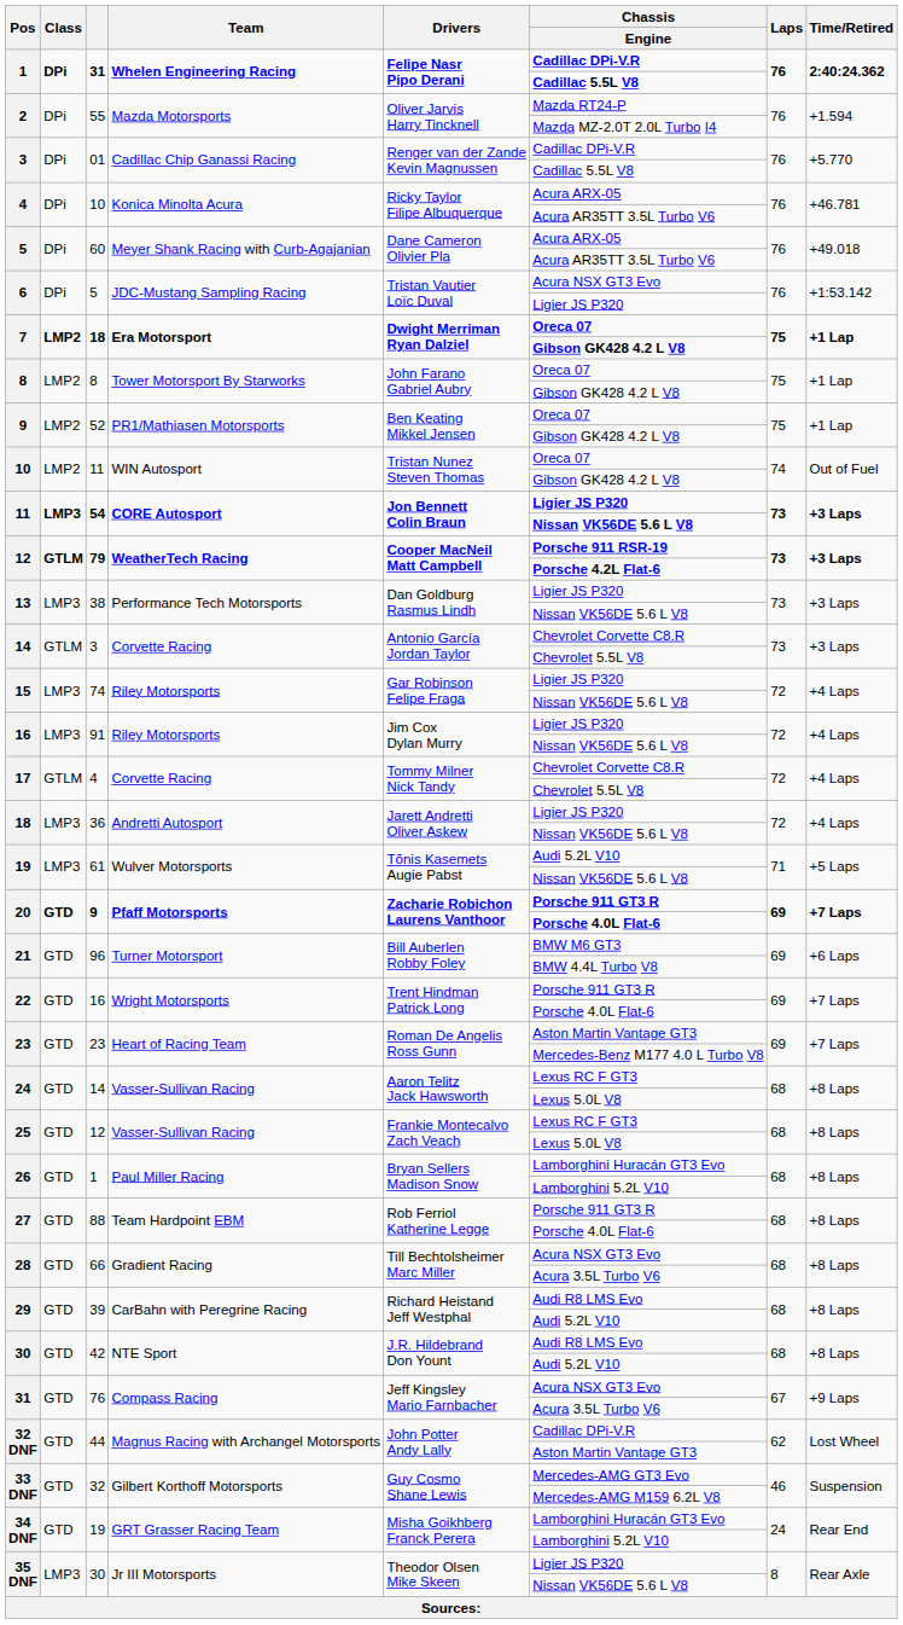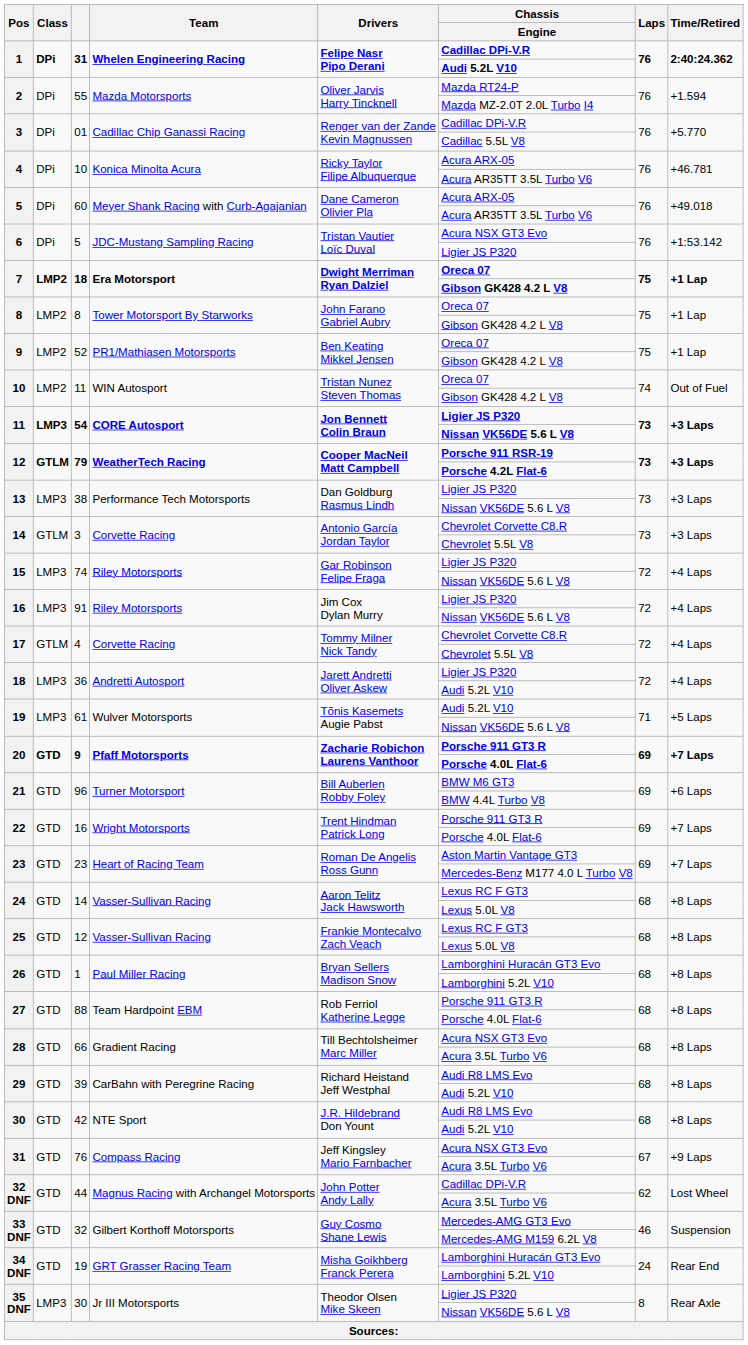 <table class="wikitable" style="font-size: 95%;">
 <tr>
 <th rowspan="2">Pos</th>
 <th rowspan="2">Class</th>
 <th rowspan="2"></th>
 <th rowspan="2">Team</th>
 <th rowspan="2">Drivers</th>
 <th>Chassis</th>
 <th rowspan="2">Laps</th>
 <th rowspan="2">Time/Retired</th>
 </tr>
 <tr>
 <th>Engine</th>
 </tr>
 <tr style="font-weight:bold">
 <th rowspan="2">1</th>
 <td rowspan="2">DPi</td>
 <td rowspan="2">31</td>
 <td rowspan="2"> <a href='#'>Whelen Engineering Racing</a></td>
 <td rowspan="2"> <a href='#'>Felipe Nasr</a><br> <a href='#'>Pipo Derani</a></td>
 <td><a href='#'>Cadillac DPi-V.R</a></td>
 <td rowspan="2">76</td>
 <td rowspan="2">2:40:24.362</td>
 </tr>
 <tr style="font-weight:bold">
-<td><a href='#'>Cadillac</a> 5.5L <a href='#'>V8</a></td>
+<td><a href='#'>Audi</a> 5.2L <a href='#'>V10</a></td>
 </tr>
 <tr>
 <th rowspan="2">2</th>
 <td rowspan="2">DPi</td>
 <td rowspan="2">55</td>
 <td rowspan="2"> <a href='#'>Mazda Motorsports</a></td>
 <td rowspan="2"> <a href='#'>Oliver Jarvis</a><br> <a href='#'>Harry Tincknell</a></td>
 <td><a href='#'>Mazda RT24-P</a></td>
 <td rowspan="2">76</td>
 <td rowspan="2">+1.594</td>
 </tr>
 <tr>
 <td><a href='#'>Mazda</a> MZ-2.0T 2.0L <a href='#'>Turbo</a> <a href='#'>I4</a></td>
 </tr>
 <tr>
 <th rowspan="2">3</th>
 <td rowspan="2">DPi</td>
 <td rowspan="2">01</td>
 <td rowspan="2"> <a href='#'>Cadillac Chip Ganassi Racing</a></td>
 <td rowspan="2"> <a href='#'>Renger van der Zande</a><br> <a href='#'>Kevin Magnussen</a></td>
 <td><a href='#'>Cadillac DPi-V.R</a></td>
 <td rowspan="2">76</td>
 <td rowspan="2">+5.770</td>
 </tr>
 <tr>
 <td><a href='#'>Cadillac</a> 5.5L <a href='#'>V8</a></td>
 </tr>
 <tr>
 <th rowspan="2">4</th>
 <td rowspan="2">DPi</td>
 <td rowspan="2">10</td>
 <td rowspan="2"> <a href='#'>Konica Minolta Acura</a></td>
 <td rowspan="2"> <a href='#'>Ricky Taylor</a><br> <a href='#'>Filipe Albuquerque</a></td>
 <td><a href='#'>Acura ARX-05</a></td>
 <td rowspan="2">76</td>
 <td rowspan="2">+46.781</td>
 </tr>
 <tr>
 <td><a href='#'>Acura</a> AR35TT 3.5L <a href='#'>Turbo</a> <a href='#'>V6</a></td>
 </tr>
 <tr>
 <th rowspan="2">5</th>
 <td rowspan="2">DPi</td>
 <td rowspan="2">60</td>
 <td rowspan="2"> <a href='#'>Meyer Shank Racing</a> with <a href='#'>Curb-Agajanian</a></td>
 <td rowspan="2"> <a href='#'>Dane Cameron</a><br> <a href='#'>Olivier Pla</a></td>
 <td><a href='#'>Acura ARX-05</a></td>
 <td rowspan="2">76</td>
 <td rowspan="2">+49.018</td>
 </tr>
 <tr>
 <td><a href='#'>Acura</a> AR35TT 3.5L <a href='#'>Turbo</a> <a href='#'>V6</a></td>
 </tr>
 <tr>
 <th rowspan="2">6</th>
 <td rowspan="2">DPi</td>
 <td rowspan="2">5</td>
 <td rowspan="2"> <a href='#'>JDC-Mustang Sampling Racing</a></td>
 <td rowspan="2"> <a href='#'>Tristan Vautier</a><br> <a href='#'>Loïc Duval</a></td>
 <td><a href='#'>Acura NSX GT3 Evo</a></td>
 <td rowspan="2">76</td>
 <td rowspan="2">+1:53.142</td>
 </tr>
 <tr>
 <td><a href='#'>Ligier JS P320</a></td>
 </tr>
 <tr style="font-weight:bold">
 <th rowspan="2">7</th>
 <td rowspan="2">LMP2</td>
 <td rowspan="2">18</td>
 <td rowspan="2"> Era Motorsport</td>
 <td rowspan="2"> <a href='#'>Dwight Merriman</a><br> <a href='#'>Ryan Dalziel</a></td>
 <td><a href='#'>Oreca 07</a></td>
 <td rowspan="2">75</td>
 <td rowspan="2">+1 Lap</td>
 </tr>
 <tr style="font-weight:bold">
 <td><a href='#'>Gibson</a> GK428 4.2 L <a href='#'>V8</a></td>
 </tr>
 <tr>
 <th rowspan="2">8</th>
 <td rowspan="2">LMP2</td>
 <td rowspan="2">8</td>
 <td rowspan="2"> <a href='#'>Tower Motorsport By Starworks</a></td>
 <td rowspan="2"> <a href='#'>John Farano</a><br> <a href='#'>Gabriel Aubry</a></td>
 <td><a href='#'>Oreca 07</a></td>
 <td rowspan="2">75</td>
 <td rowspan="2">+1 Lap</td>
 </tr>
 <tr>
 <td><a href='#'>Gibson</a> GK428 4.2 L <a href='#'>V8</a></td>
 </tr>
 <tr>
 <th rowspan="2">9</th>
 <td rowspan="2">LMP2</td>
 <td rowspan="2">52</td>
 <td rowspan="2"> <a href='#'>PR1/Mathiasen Motorsports</a></td>
 <td rowspan="2"> <a href='#'>Ben Keating</a><br> <a href='#'>Mikkel Jensen</a></td>
 <td><a href='#'>Oreca 07</a></td>
 <td rowspan="2">75</td>
 <td rowspan="2">+1 Lap</td>
 </tr>
 <tr>
 <td><a href='#'>Gibson</a> GK428 4.2 L <a href='#'>V8</a></td>
 </tr>
 <tr>
 <th rowspan="2">10</th>
 <td rowspan="2">LMP2</td>
 <td rowspan="2">11</td>
 <td rowspan="2"> WIN Autosport</td>
 <td rowspan="2"> <a href='#'>Tristan Nunez</a><br> <a href='#'>Steven Thomas</a></td>
 <td><a href='#'>Oreca 07</a></td>
 <td rowspan="2">74</td>
 <td rowspan="2">Out of Fuel</td>
 </tr>
 <tr>
 <td><a href='#'>Gibson</a> GK428 4.2 L <a href='#'>V8</a></td>
 </tr>
 <tr style="font-weight:bold">
 <th rowspan="2">11</th>
 <td rowspan="2">LMP3</td>
 <td rowspan="2">54</td>
 <td rowspan="2"> <a href='#'>CORE Autosport</a></td>
 <td rowspan="2"> <a href='#'>Jon Bennett</a><br> <a href='#'>Colin Braun</a></td>
 <td><a href='#'>Ligier JS P320</a></td>
 <td rowspan="2">73</td>
 <td rowspan="2">+3 Laps</td>
 </tr>
 <tr style="font-weight:bold">
 <td><a href='#'>Nissan</a> <a href='#'>VK56DE</a> 5.6 L <a href='#'>V8</a></td>
 </tr>
 <tr style="font-weight:bold">
 <th rowspan="2">12</th>
 <td rowspan="2">GTLM</td>
 <td rowspan="2">79</td>
 <td rowspan="2"> <a href='#'>WeatherTech Racing</a></td>
 <td rowspan="2"> <a href='#'>Cooper MacNeil</a><br> <a href='#'>Matt Campbell</a></td>
 <td><a href='#'>Porsche 911 RSR-19</a></td>
 <td rowspan="2">73</td>
 <td rowspan="2">+3 Laps</td>
 </tr>
 <tr style="font-weight:bold">
 <td><a href='#'>Porsche</a> 4.2L <a href='#'>Flat-6</a></td>
 </tr>
 <tr>
 <th rowspan="2">13</th>
 <td rowspan="2">LMP3</td>
 <td rowspan="2">38</td>
 <td rowspan="2"> Performance Tech Motorsports</td>
 <td rowspan="2"> Dan Goldburg<br> <a href='#'>Rasmus Lindh</a></td>
 <td><a href='#'>Ligier JS P320</a></td>
 <td rowspan="2">73</td>
 <td rowspan="2">+3 Laps</td>
 </tr>
 <tr>
 <td><a href='#'>Nissan</a> <a href='#'>VK56DE</a> 5.6 L <a href='#'>V8</a></td>
 </tr>
 <tr>
 <th rowspan="2">14</th>
 <td rowspan="2">GTLM</td>
 <td rowspan="2">3</td>
 <td rowspan="2"> <a href='#'>Corvette Racing</a></td>
 <td rowspan="2"> <a href='#'>Antonio García</a><br> <a href='#'>Jordan Taylor</a></td>
 <td><a href='#'>Chevrolet Corvette C8.R</a></td>
 <td rowspan="2">73</td>
 <td rowspan="2">+3 Laps</td>
 </tr>
 <tr>
 <td><a href='#'>Chevrolet</a> 5.5L <a href='#'>V8</a></td>
 </tr>
 <tr>
 <th rowspan="2">15</th>
 <td rowspan="2">LMP3</td>
 <td rowspan="2">74</td>
 <td rowspan="2"> <a href='#'>Riley Motorsports</a></td>
 <td rowspan="2"> <a href='#'>Gar Robinson</a><br>  <a href='#'>Felipe Fraga</a></td>
 <td><a href='#'>Ligier JS P320</a></td>
 <td rowspan="2">72</td>
 <td rowspan="2">+4 Laps</td>
 </tr>
 <tr>
 <td><a href='#'>Nissan</a> <a href='#'>VK56DE</a> 5.6 L <a href='#'>V8</a></td>
 </tr>
 <tr>
 <th rowspan="2">16</th>
 <td rowspan="2">LMP3</td>
 <td rowspan="2">91</td>
 <td rowspan="2"> <a href='#'>Riley Motorsports</a></td>
 <td rowspan="2"> Jim Cox<br> Dylan Murry</td>
 <td><a href='#'>Ligier JS P320</a></td>
 <td rowspan="2">72</td>
 <td rowspan="2">+4 Laps</td>
 </tr>
 <tr>
 <td><a href='#'>Nissan</a> <a href='#'>VK56DE</a> 5.6 L <a href='#'>V8</a></td>
 </tr>
 <tr>
 <th rowspan="2">17</th>
 <td rowspan="2">GTLM</td>
 <td rowspan="2">4</td>
 <td rowspan="2"> <a href='#'>Corvette Racing</a></td>
 <td rowspan="2"> <a href='#'>Tommy Milner</a><br> <a href='#'>Nick Tandy</a></td>
 <td><a href='#'>Chevrolet Corvette C8.R</a></td>
 <td rowspan="2">72</td>
 <td rowspan="2">+4 Laps</td>
 </tr>
 <tr>
 <td><a href='#'>Chevrolet</a> 5.5L <a href='#'>V8</a></td>
 </tr>
 <tr>
 <th rowspan="2">18</th>
 <td rowspan="2">LMP3</td>
 <td rowspan="2">36</td>
 <td rowspan="2"> <a href='#'>Andretti Autosport</a></td>
 <td rowspan="2"> <a href='#'>Jarett Andretti</a><br> <a href='#'>Oliver Askew</a></td>
 <td><a href='#'>Ligier JS P320</a></td>
 <td rowspan="2">72</td>
 <td rowspan="2">+4 Laps</td>
 </tr>
 <tr>
-<td><a href='#'>Nissan</a> <a href='#'>VK56DE</a> 5.6 L <a href='#'>V8</a></td>
+<td><a href='#'>Audi</a> 5.2L <a href='#'>V10</a></td>
 </tr>
 <tr>
 <th rowspan="2">19</th>
 <td rowspan="2">LMP3</td>
 <td rowspan="2">61</td>
 <td rowspan="2"> Wulver Motorsports</td>
 <td rowspan="2"> <a href='#'>Tõnis Kasemets</a><br> Augie Pabst</td>
 <td><a href='#'>Audi</a> 5.2L <a href='#'>V10</a></td>
 <td rowspan="2">71</td>
 <td rowspan="2">+5 Laps</td>
 </tr>
 <tr>
 <td><a href='#'>Nissan</a> <a href='#'>VK56DE</a> 5.6 L <a href='#'>V8</a></td>
 </tr>
 <tr style="font-weight:bold">
 <th rowspan="2">20</th>
 <td rowspan="2">GTD</td>
 <td rowspan="2">9</td>
 <td rowspan="2"> <a href='#'>Pfaff Motorsports</a></td>
 <td rowspan="2"> <a href='#'>Zacharie Robichon</a><br> <a href='#'>Laurens Vanthoor</a></td>
 <td><a href='#'>Porsche 911 GT3 R</a></td>
 <td rowspan="2">69</td>
 <td rowspan="2">+7 Laps</td>
 </tr>
 <tr style="font-weight:bold">
 <td><a href='#'>Porsche</a> 4.0L <a href='#'>Flat-6</a></td>
 </tr>
 <tr>
 <th rowspan="2">21</th>
 <td rowspan="2">GTD</td>
 <td rowspan="2">96</td>
 <td rowspan="2"> <a href='#'>Turner Motorsport</a></td>
 <td rowspan="2"> <a href='#'>Bill Auberlen</a><br> <a href='#'>Robby Foley</a></td>
 <td><a href='#'>BMW M6 GT3</a></td>
 <td rowspan="2">69</td>
 <td rowspan="2">+6 Laps</td>
 </tr>
 <tr>
 <td><a href='#'>BMW</a> 4.4L <a href='#'>Turbo</a> <a href='#'>V8</a></td>
 </tr>
 <tr>
 <th rowspan="2">22</th>
 <td rowspan="2">GTD</td>
 <td rowspan="2">16</td>
 <td rowspan="2"> <a href='#'>Wright Motorsports</a></td>
 <td rowspan="2"> <a href='#'>Trent Hindman</a><br> <a href='#'>Patrick Long</a></td>
 <td><a href='#'>Porsche 911 GT3 R</a></td>
 <td rowspan="2">69</td>
 <td rowspan="2">+7 Laps</td>
 </tr>
 <tr>
 <td><a href='#'>Porsche</a> 4.0L <a href='#'>Flat-6</a></td>
 </tr>
 <tr>
 <th rowspan="2">23</th>
 <td rowspan="2">GTD</td>
 <td rowspan="2">23</td>
 <td rowspan="2"> <a href='#'>Heart of Racing Team</a></td>
 <td rowspan="2"> <a href='#'>Roman De Angelis</a><br> <a href='#'>Ross Gunn</a></td>
 <td><a href='#'>Aston Martin Vantage GT3</a></td>
 <td rowspan="2">69</td>
 <td rowspan="2">+7 Laps</td>
 </tr>
 <tr>
 <td><a href='#'>Mercedes-Benz</a> M177 4.0 L <a href='#'>Turbo</a> <a href='#'>V8</a></td>
 </tr>
 <tr>
 <th rowspan="2">24</th>
 <td rowspan="2">GTD</td>
 <td rowspan="2">14</td>
 <td rowspan="2"> <a href='#'>Vasser-Sullivan Racing</a></td>
 <td rowspan="2"> <a href='#'>Aaron Telitz</a><br> <a href='#'>Jack Hawsworth</a></td>
 <td><a href='#'>Lexus RC F GT3</a></td>
 <td rowspan="2">68</td>
 <td rowspan="2">+8 Laps</td>
 </tr>
 <tr>
 <td><a href='#'>Lexus</a> 5.0L <a href='#'>V8</a></td>
 </tr>
 <tr>
 <th rowspan="2">25</th>
 <td rowspan="2">GTD</td>
 <td rowspan="2">12</td>
 <td rowspan="2"> <a href='#'>Vasser-Sullivan Racing</a></td>
 <td rowspan="2"> <a href='#'>Frankie Montecalvo</a><br> <a href='#'>Zach Veach</a></td>
 <td><a href='#'>Lexus RC F GT3</a></td>
 <td rowspan="2">68</td>
 <td rowspan="2">+8 Laps</td>
 </tr>
 <tr>
 <td><a href='#'>Lexus</a> 5.0L <a href='#'>V8</a></td>
 </tr>
 <tr>
 <th rowspan="2">26</th>
 <td rowspan="2">GTD</td>
 <td rowspan="2">1</td>
 <td rowspan="2"> <a href='#'>Paul Miller Racing</a></td>
 <td rowspan="2"> <a href='#'>Bryan Sellers</a><br> <a href='#'>Madison Snow</a></td>
 <td><a href='#'>Lamborghini Huracán GT3 Evo</a></td>
 <td rowspan="2">68</td>
 <td rowspan="2">+8 Laps</td>
 </tr>
 <tr>
 <td><a href='#'>Lamborghini</a> 5.2L <a href='#'>V10</a></td>
 </tr>
 <tr>
 <th rowspan="2">27</th>
 <td rowspan="2">GTD</td>
 <td rowspan="2">88</td>
 <td rowspan="2"> Team Hardpoint <a href='#'>EBM</a></td>
 <td rowspan="2"> Rob Ferriol<br> <a href='#'>Katherine Legge</a></td>
 <td><a href='#'>Porsche 911 GT3 R</a></td>
 <td rowspan="2">68</td>
 <td rowspan="2">+8 Laps</td>
 </tr>
 <tr>
 <td><a href='#'>Porsche</a> 4.0L <a href='#'>Flat-6</a></td>
 </tr>
 <tr>
 <th rowspan="2">28</th>
 <td rowspan="2">GTD</td>
 <td rowspan="2">66</td>
 <td rowspan="2"> Gradient Racing</td>
 <td rowspan="2"> Till Bechtolsheimer<br> <a href='#'>Marc Miller</a></td>
 <td><a href='#'>Acura NSX GT3 Evo</a></td>
 <td rowspan="2">68</td>
 <td rowspan="2">+8 Laps</td>
 </tr>
 <tr>
 <td><a href='#'>Acura</a> 3.5L <a href='#'>Turbo</a> <a href='#'>V6</a></td>
 </tr>
 <tr>
 <th rowspan="2">29</th>
 <td rowspan="2">GTD</td>
 <td rowspan="2">39</td>
 <td rowspan="2"> CarBahn with Peregrine Racing</td>
 <td rowspan="2"> Richard Heistand<br> Jeff Westphal</td>
 <td><a href='#'>Audi R8 LMS Evo</a></td>
 <td rowspan="2">68</td>
 <td rowspan="2">+8 Laps</td>
 </tr>
 <tr>
 <td><a href='#'>Audi</a> 5.2L <a href='#'>V10</a></td>
 </tr>
 <tr>
 <th rowspan="2">30</th>
 <td rowspan="2">GTD</td>
 <td rowspan="2">42</td>
 <td rowspan="2"> NTE Sport</td>
 <td rowspan="2"> <a href='#'>J.R. Hildebrand</a><br> Don Yount</td>
 <td><a href='#'>Audi R8 LMS Evo</a></td>
 <td rowspan="2">68</td>
 <td rowspan="2">+8 Laps</td>
 </tr>
 <tr>
 <td><a href='#'>Audi</a> 5.2L <a href='#'>V10</a></td>
 </tr>
 <tr>
 <th rowspan="2">31</th>
 <td rowspan="2">GTD</td>
 <td rowspan="2">76</td>
 <td rowspan="2"> <a href='#'>Compass Racing</a></td>
 <td rowspan="2"> Jeff Kingsley<br> <a href='#'>Mario Farnbacher</a></td>
 <td><a href='#'>Acura NSX GT3 Evo</a></td>
 <td rowspan="2">67</td>
 <td rowspan="2">+9 Laps</td>
 </tr>
 <tr>
 <td><a href='#'>Acura</a> 3.5L <a href='#'>Turbo</a> <a href='#'>V6</a></td>
 </tr>
 <tr>
 <th rowspan="2">32<br>DNF</th>
 <td rowspan="2">GTD</td>
 <td rowspan="2">44</td>
 <td rowspan="2"> <a href='#'>Magnus Racing</a> with Archangel Motorsports</td>
 <td rowspan="2"> <a href='#'>John Potter</a><br> <a href='#'>Andy Lally</a></td>
 <td><a href='#'>Cadillac DPi-V.R</a></td>
 <td rowspan="2">62</td>
 <td rowspan="2">Lost Wheel</td>
 </tr>
 <tr>
-<td><a href='#'>Aston Martin Vantage GT3</a></td>
+<td><a href='#'>Acura</a> 3.5L <a href='#'>Turbo</a> <a href='#'>V6</a></td>
 </tr>
 <tr>
 <th rowspan="2">33<br>DNF</th>
 <td rowspan="2">GTD</td>
 <td rowspan="2">32</td>
 <td rowspan="2"> Gilbert Korthoff Motorsports</td>
 <td rowspan="2"> <a href='#'>Guy Cosmo</a><br> <a href='#'>Shane Lewis</a></td>
 <td><a href='#'>Mercedes-AMG GT3 Evo</a></td>
 <td rowspan="2">46</td>
 <td rowspan="2">Suspension</td>
 </tr>
 <tr>
 <td><a href='#'>Mercedes-AMG M159</a> 6.2L <a href='#'>V8</a></td>
 </tr>
 <tr>
 <th rowspan="2">34<br>DNF</th>
 <td rowspan="2">GTD</td>
 <td rowspan="2">19</td>
 <td rowspan="2"> <a href='#'>GRT Grasser Racing Team</a></td>
 <td rowspan="2"> <a href='#'>Misha Goikhberg</a><br> <a href='#'>Franck Perera</a></td>
 <td><a href='#'>Lamborghini Huracán GT3 Evo</a></td>
 <td rowspan="2">24</td>
 <td rowspan="2">Rear End</td>
 </tr>
 <tr>
 <td><a href='#'>Lamborghini</a> 5.2L <a href='#'>V10</a></td>
 </tr>
 <tr>
 <th rowspan="2">35<br>DNF</th>
 <td rowspan="2">LMP3</td>
 <td rowspan="2">30</td>
 <td rowspan="2"> Jr III Motorsports</td>
 <td rowspan="2"> Theodor Olsen<br> <a href='#'>Mike Skeen</a></td>
 <td><a href='#'>Ligier JS P320</a></td>
 <td rowspan="2">8</td>
 <td rowspan="2">Rear Axle</td>
 </tr>
 <tr>
 <td><a href='#'>Nissan</a> <a href='#'>VK56DE</a> 5.6 L <a href='#'>V8</a></td>
 </tr>
 <tr>
 <th colspan="8" align="center">Sources:</th>
 </tr>
 </table>
